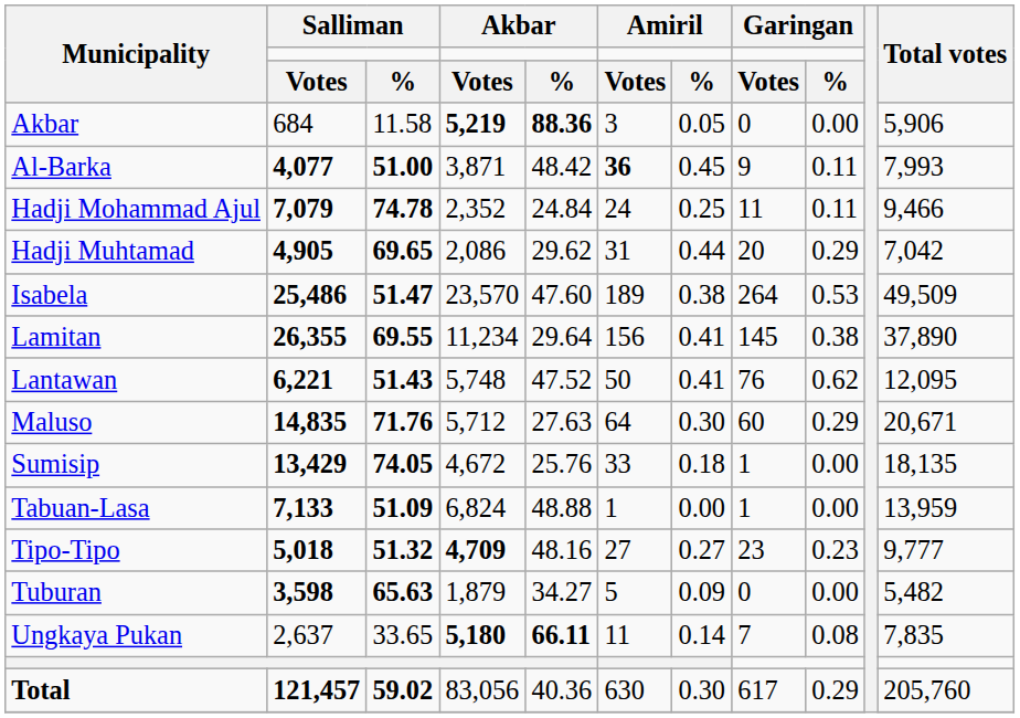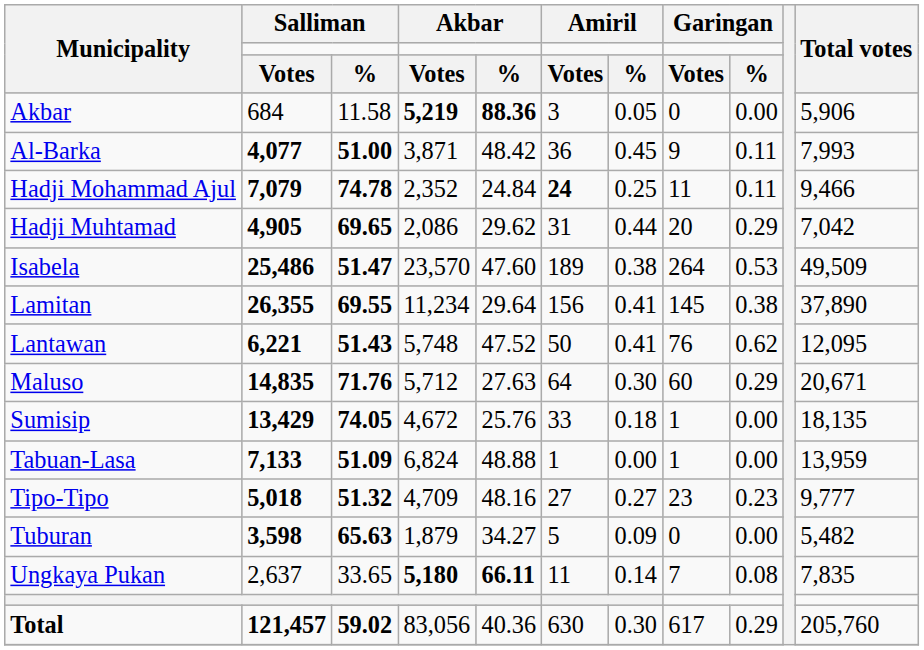 <table class="wikitable"   style="text-align=center">
 <tr>
 <th rowspan="3">Municipality</th>
 <th colspan="2">Salliman</th>
 <th colspan="2">Akbar</th>
 <th colspan="2">Amiril</th>
 <th colspan="2">Garingan</th>
 <th rowspan="20"></th>
 <th colspan="3" rowspan="3">Total votes</th>
 </tr>
 <tr>
 <td colspan="2" style="background:"></td>
 <td colspan="2" style="background:"></td>
 <td colspan="2" style="background:"></td>
 <td colspan="2" style="background:"></td>
 </tr>
 <tr>
 <th>Votes</th>
 <th>%</th>
 <th>Votes</th>
 <th>%</th>
 <th>Votes</th>
 <th>%</th>
 <th>Votes</th>
 <th>%</th>
 </tr>
 <tr>
 <td align="left"><a href='#'>Akbar</a></td>
 <td>684</td>
 <td>11.58</td>
 <td style="background:"><strong>5,219</strong></td>
 <td style="background:"><strong>88.36</strong></td>
 <td>3</td>
 <td>0.05</td>
 <td>0</td>
 <td>0.00</td>
 <td>5,906</td>
 </tr>
 <tr>
 <td align="left"><a href='#'>Al-Barka</a></td>
 <td style="background:"><strong>4,077</strong></td>
 <td style="background:"><strong>51.00</strong></td>
 <td>3,871</td>
 <td>48.42</td>
-<td><strong>36</strong></td>
+<td>36</td>
 <td>0.45</td>
 <td>9</td>
 <td>0.11</td>
 <td>7,993</td>
 </tr>
 <tr>
 <td align="left"><a href='#'>Hadji Mohammad Ajul</a></td>
 <td style="background:"><strong>7,079</strong></td>
 <td style="background:"><strong>74.78</strong></td>
 <td>2,352</td>
 <td>24.84</td>
-<td>24</td>
+<td><strong>24</strong></td>
 <td>0.25</td>
 <td>11</td>
 <td>0.11</td>
 <td>9,466</td>
 </tr>
 <tr>
 <td align="left"><a href='#'>Hadji Muhtamad</a></td>
 <td style="background:"><strong>4,905</strong></td>
 <td style="background:"><strong>69.65</strong></td>
 <td>2,086</td>
 <td>29.62</td>
 <td>31</td>
 <td>0.44</td>
 <td>20</td>
 <td>0.29</td>
 <td>7,042</td>
 </tr>
 <tr>
 <td align="left"><a href='#'>Isabela</a></td>
 <td style="background:"><strong>25,486</strong></td>
 <td style="background:"><strong>51.47</strong></td>
 <td>23,570</td>
 <td>47.60</td>
 <td>189</td>
 <td>0.38</td>
 <td>264</td>
 <td>0.53</td>
 <td>49,509</td>
 </tr>
 <tr>
 <td align="left"><a href='#'>Lamitan</a></td>
 <td style="background:"><strong>26,355</strong></td>
 <td style="background:"><strong>69.55</strong></td>
 <td>11,234</td>
 <td>29.64</td>
 <td>156</td>
 <td>0.41</td>
 <td>145</td>
 <td>0.38</td>
 <td>37,890</td>
 </tr>
 <tr>
 <td align="left"><a href='#'>Lantawan</a></td>
 <td style="background:"><strong>6,221</strong></td>
 <td style="background:"><strong>51.43</strong></td>
 <td>5,748</td>
 <td>47.52</td>
 <td>50</td>
 <td>0.41</td>
 <td>76</td>
 <td>0.62</td>
 <td>12,095</td>
 </tr>
 <tr>
 <td align="left"><a href='#'>Maluso</a></td>
 <td style="background:"><strong>14,835</strong></td>
 <td style="background:"><strong>71.76</strong></td>
 <td>5,712</td>
 <td>27.63</td>
 <td>64</td>
 <td>0.30</td>
 <td>60</td>
 <td>0.29</td>
 <td>20,671</td>
 </tr>
 <tr>
 <td align="left"><a href='#'>Sumisip</a></td>
 <td style="background:"><strong>13,429</strong></td>
 <td style="background:"><strong>74.05</strong></td>
 <td>4,672</td>
 <td>25.76</td>
 <td>33</td>
 <td>0.18</td>
 <td>1</td>
 <td>0.00</td>
 <td>18,135</td>
 </tr>
 <tr>
 <td align="left"><a href='#'>Tabuan-Lasa</a></td>
 <td style="background:"><strong>7,133</strong></td>
 <td style="background:"><strong>51.09</strong></td>
 <td>6,824</td>
 <td>48.88</td>
 <td>1</td>
 <td>0.00</td>
 <td>1</td>
 <td>0.00</td>
 <td>13,959</td>
 </tr>
 <tr>
 <td align="left"><a href='#'>Tipo-Tipo</a></td>
 <td style="background:"><strong>5,018</strong></td>
 <td style="background:"><strong>51.32</strong></td>
-<td><strong>4,709</strong></td>
+<td>4,709</td>
 <td>48.16</td>
 <td>27</td>
 <td>0.27</td>
 <td>23</td>
 <td>0.23</td>
 <td>9,777</td>
 </tr>
 <tr>
 <td align="left"><a href='#'>Tuburan</a></td>
 <td style="background:"><strong>3,598</strong></td>
 <td style="background:"><strong>65.63</strong></td>
 <td>1,879</td>
 <td>34.27</td>
 <td>5</td>
 <td>0.09</td>
 <td>0</td>
 <td>0.00</td>
 <td>5,482</td>
 </tr>
 <tr>
 <td align="left"><a href='#'>Ungkaya Pukan</a></td>
 <td>2,637</td>
 <td>33.65</td>
 <td style="background:"><strong>5,180</strong></td>
 <td style="background:"><strong>66.11</strong></td>
 <td>11</td>
 <td>0.14</td>
 <td>7</td>
 <td>0.08</td>
 <td>7,835</td>
 </tr>
 <tr>
 <th colspan="5"></th>
 <th colspan="2"></th>
 </tr>
 <tr>
 <td align="left"><strong>Total</strong></td>
 <td style="background:"><strong>121,457</strong></td>
 <td style="background:"><strong>59.02</strong></td>
 <td>83,056</td>
 <td>40.36</td>
 <td>630</td>
 <td>0.30</td>
 <td>617</td>
 <td>0.29</td>
 <td>205,760</td>
 </tr>
 <tr>
 </tr>
 </table>
